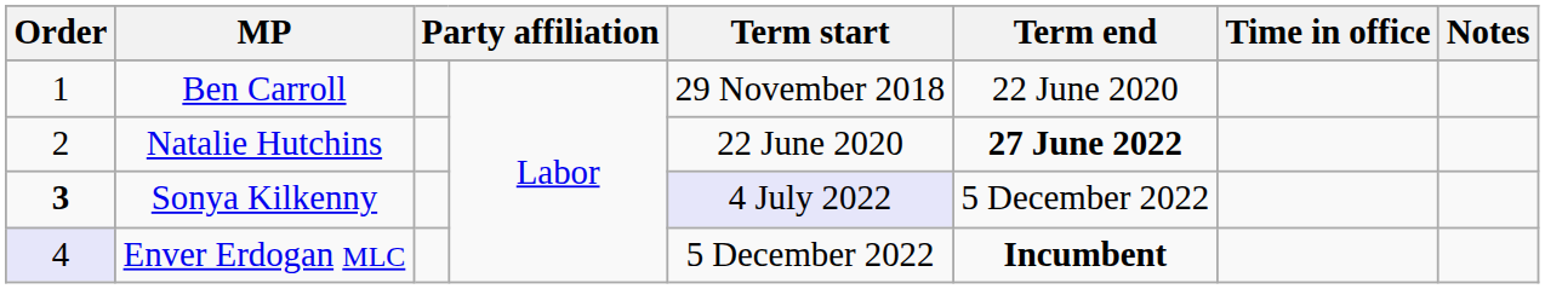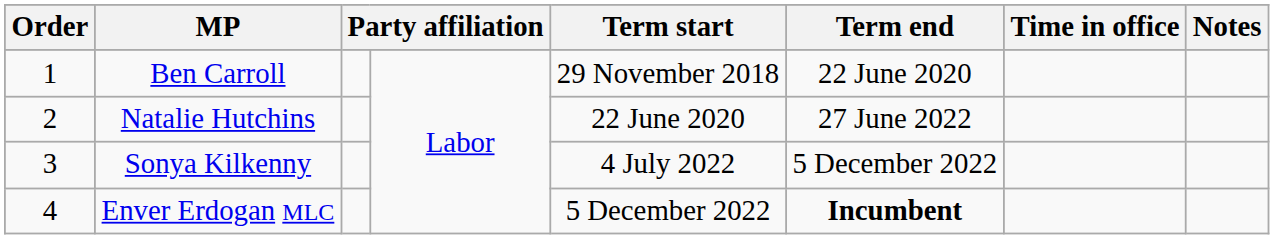 <table class="wikitable" style="text-align:center">
 <tr>
 <th>Order</th>
 <th>MP</th>
 <th colspan="2">Party affiliation</th>
 <th>Term start</th>
 <th>Term end</th>
 <th>Time in office</th>
 <th>Notes</th>
 </tr>
 <tr>
 <td>1</td>
 <td><a href='#'>Ben Carroll</a> </td>
 <td></td>
 <td rowspan="4"><a href='#'>Labor</a></td>
 <td>29 November 2018</td>
 <td>22 June 2020</td>
 <td></td>
 <td></td>
 </tr>
 <tr>
 <td>2</td>
 <td><a href='#'>Natalie Hutchins</a> </td>
 <td></td>
 <td>22 June 2020</td>
-<td><strong>27 June 2022</strong></td>
+<td>27 June 2022</td>
 <td></td>
 <td></td>
 </tr>
 <tr>
-<td><strong>3</strong></td>
+<td>3</td>
 <td><a href='#'>Sonya Kilkenny</a> </td>
 <td></td>
-<td style="background: lavender;">4 July 2022</td>
+<td>4 July 2022</td>
 <td>5 December 2022</td>
 <td></td>
 <td></td>
 </tr>
 <tr>
-<td style="background: lavender;">4</td>
+<td>4</td>
 <td><a href='#'>Enver Erdogan</a> <a href='#'><small>MLC</small></a></td>
 <td></td>
 <td>5 December 2022</td>
 <td><strong>Incumbent</strong></td>
 <td></td>
 <td></td>
 </tr>
 </table>
